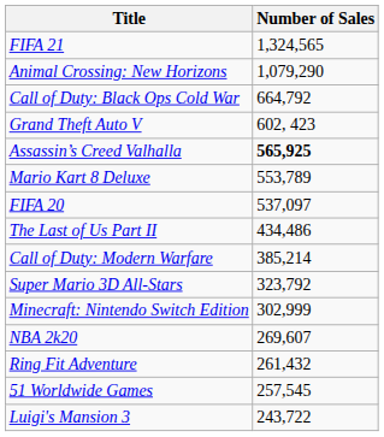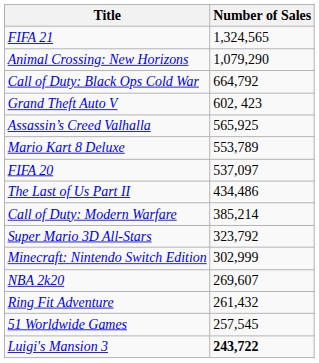 <table class="wikitable">
 <tr>
 <th>Title</th>
 <th>Number of Sales</th>
 </tr>
 <tr>
 <td><em><a href='#'>FIFA 21</a></em></td>
 <td>1,324,565</td>
 </tr>
 <tr>
 <td><em><a href='#'>Animal Crossing: New Horizons</a></em></td>
 <td>1,079,290</td>
 </tr>
 <tr>
 <td><em><a href='#'>Call of Duty: Black Ops Cold War</a></em></td>
 <td>664,792</td>
 </tr>
 <tr>
 <td><em><a href='#'>Grand Theft Auto V</a></em></td>
 <td>602, 423</td>
 </tr>
 <tr>
 <td><em><a href='#'>Assassin’s Creed Valhalla</a></em></td>
-<td><strong>565,925</strong></td>
+<td>565,925</td>
 </tr>
 <tr>
 <td><em><a href='#'>Mario Kart 8 Deluxe</a></em></td>
 <td>553,789</td>
 </tr>
 <tr>
 <td><em><a href='#'>FIFA 20</a></em></td>
 <td>537,097</td>
 </tr>
 <tr>
 <td><em><a href='#'>The Last of Us Part II</a></em></td>
 <td>434,486</td>
 </tr>
 <tr>
 <td><em><a href='#'>Call of Duty: Modern Warfare</a></em></td>
 <td>385,214</td>
 </tr>
 <tr>
 <td><em><a href='#'>Super Mario 3D All-Stars</a></em></td>
 <td>323,792</td>
 </tr>
 <tr>
 <td><em><a href='#'>Minecraft: Nintendo Switch Edition</a></em></td>
 <td>302,999</td>
 </tr>
 <tr>
 <td><em><a href='#'>NBA 2k20</a></em></td>
 <td>269,607</td>
 </tr>
 <tr>
 <td><em><a href='#'>Ring Fit Adventure</a></em></td>
 <td>261,432</td>
 </tr>
 <tr>
 <td><em><a href='#'>51 Worldwide Games</a></em></td>
 <td>257,545</td>
 </tr>
 <tr>
 <td><em><a href='#'>Luigi's Mansion 3</a></em></td>
-<td>243,722</td>
+<td><strong>243,722</strong></td>
 </tr>
 </table>
